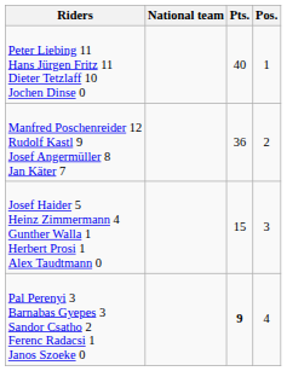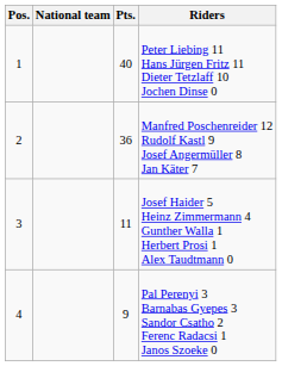 <table class=wikitable style="font-size:93%;">
 <tr>
-<th>Riders</th>
+<th>Pos.</th>
 <th>National team</th>
 <th>Pts.</th>
-<th>Pos.</th>
+<th>Riders</th>
 </tr>
 <tr align=center >
-<td align=left><br><a href='#'>Peter Liebing</a> 11<br> <a href='#'>Hans Jürgen Fritz</a> 11<br> <a href='#'>Dieter Tetzlaff</a> 10<br> <a href='#'>Jochen Dinse</a> 0</td>
+<td>1</td>
 <td align=left></td>
 <td>40</td>
-<td>1</td>
+<td align=left><br><a href='#'>Peter Liebing</a> 11<br> <a href='#'>Hans Jürgen Fritz</a> 11<br> <a href='#'>Dieter Tetzlaff</a> 10<br> <a href='#'>Jochen Dinse</a> 0</td>
 </tr>
 <tr align=center >
-<td align=left><br><a href='#'>Manfred Poschenreider</a> 12<br> <a href='#'>Rudolf Kastl</a> 9<br> <a href='#'>Josef Angermüller</a> 8<br> <a href='#'>Jan Käter</a> 7</td>
+<td>2</td>
 <td align=left></td>
 <td>36</td>
-<td>2</td>
+<td align=left><br><a href='#'>Manfred Poschenreider</a> 12<br> <a href='#'>Rudolf Kastl</a> 9<br> <a href='#'>Josef Angermüller</a> 8<br> <a href='#'>Jan Käter</a> 7</td>
 </tr>
 <tr align=center>
+<td>3</td>
+<td align=left></td>
+<td>11</td>
 <td align=left><br><a href='#'>Josef Haider</a> 5<br> <a href='#'>Heinz Zimmermann</a> 4<br> <a href='#'>Gunther Walla</a> 1<br> <a href='#'>Herbert Prosi</a> 1<br> <a href='#'>Alex Taudtmann</a> 0</td>
-<td align=left></td>
-<td>15</td>
-<td>3</td>
 </tr>
 <tr align=center>
+<td>4</td>
+<td align=left></td>
+<td>9</td>
 <td align=left><br><a href='#'>Pal Perenyi</a> 3<br> <a href='#'>Barnabas Gyepes</a> 3<br> <a href='#'>Sandor Csatho</a> 2<br> <a href='#'>Ferenc Radacsi</a> 1<br> <a href='#'>Janos Szoeke</a> 0</td>
-<td align=left></td>
-<td><strong>9</strong></td>
-<td>4</td>
 </tr>
 </table>
